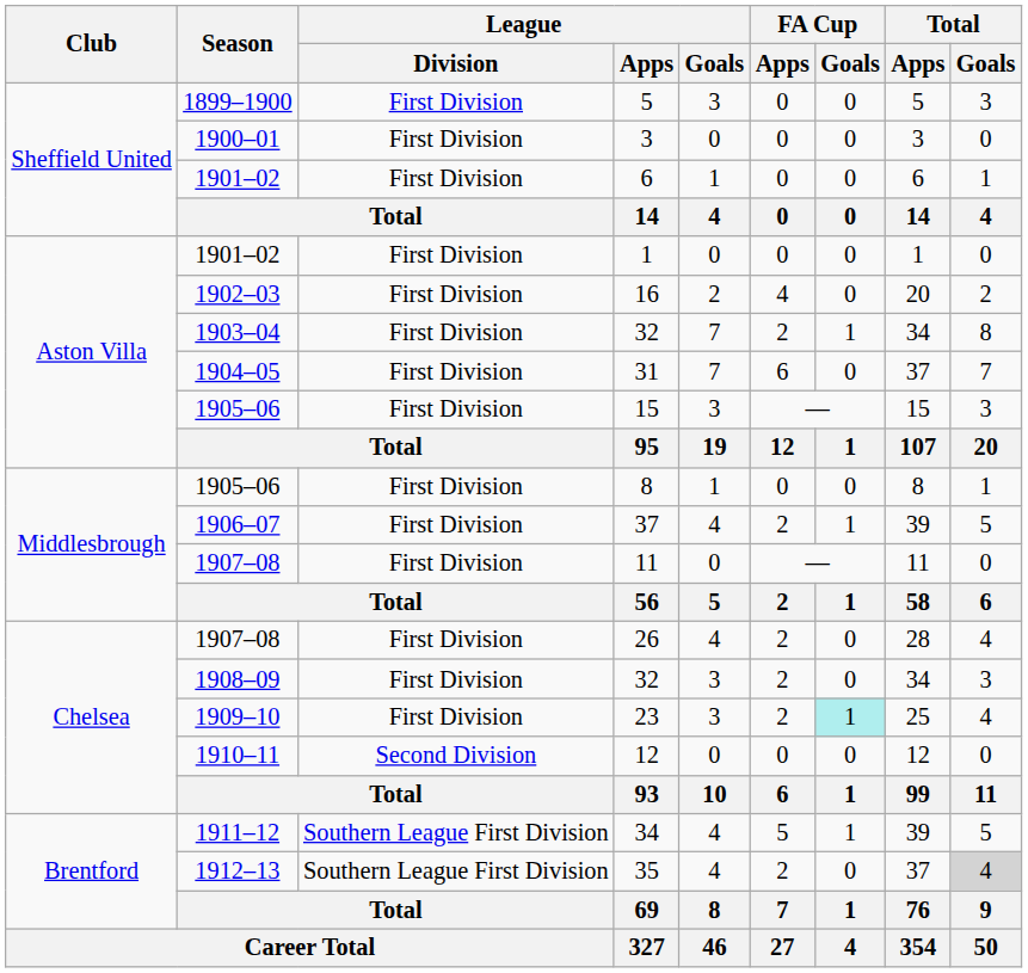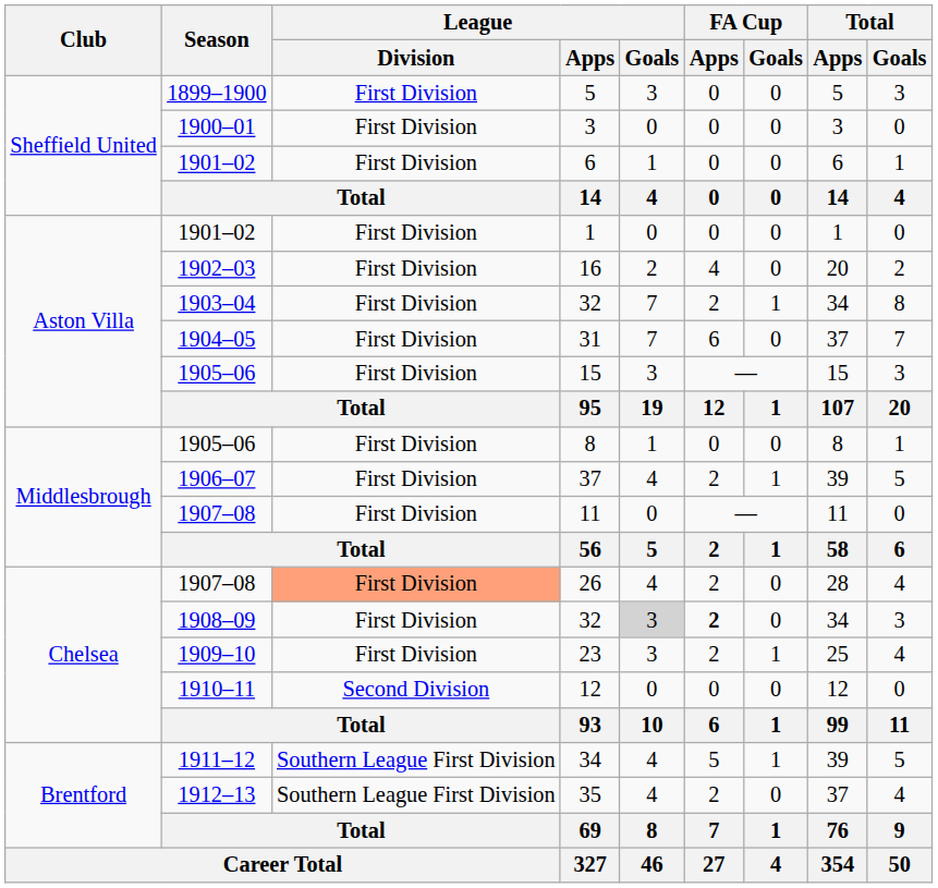 <table class="wikitable" style="text-align: center;">
 <tr>
 <th rowspan="2">Club</th>
 <th rowspan="2">Season</th>
 <th colspan="3">League</th>
 <th colspan="2">FA Cup</th>
 <th colspan="2">Total</th>
 </tr>
 <tr>
 <th>Division</th>
 <th>Apps</th>
 <th>Goals</th>
 <th>Apps</th>
 <th>Goals</th>
 <th>Apps</th>
 <th>Goals</th>
 </tr>
 <tr>
 <td rowspan="4"><a href='#'>Sheffield United</a></td>
 <td><a href='#'>1899–1900</a></td>
 <td><a href='#'>First Division</a></td>
 <td>5</td>
 <td>3</td>
 <td>0</td>
 <td>0</td>
 <td>5</td>
 <td>3</td>
 </tr>
 <tr>
 <td><a href='#'>1900–01</a></td>
 <td>First Division</td>
 <td>3</td>
 <td>0</td>
 <td>0</td>
 <td>0</td>
 <td>3</td>
 <td>0</td>
 </tr>
 <tr>
 <td><a href='#'>1901–02</a></td>
 <td>First Division</td>
 <td>6</td>
 <td>1</td>
 <td>0</td>
 <td>0</td>
 <td>6</td>
 <td>1</td>
 </tr>
 <tr>
 <th colspan="2">Total</th>
 <th>14</th>
 <th>4</th>
 <th>0</th>
 <th>0</th>
 <th>14</th>
 <th>4</th>
 </tr>
 <tr>
 <td rowspan="6"><a href='#'>Aston Villa</a></td>
 <td>1901–02</td>
 <td>First Division</td>
 <td>1</td>
 <td>0</td>
 <td>0</td>
 <td>0</td>
 <td>1</td>
 <td>0</td>
 </tr>
 <tr>
 <td><a href='#'>1902–03</a></td>
 <td>First Division</td>
 <td>16</td>
 <td>2</td>
 <td>4</td>
 <td>0</td>
 <td>20</td>
 <td>2</td>
 </tr>
 <tr>
 <td><a href='#'>1903–04</a></td>
 <td>First Division</td>
 <td>32</td>
 <td>7</td>
 <td>2</td>
 <td>1</td>
 <td>34</td>
 <td>8</td>
 </tr>
 <tr>
 <td><a href='#'>1904–05</a></td>
 <td>First Division</td>
 <td>31</td>
 <td>7</td>
 <td>6</td>
 <td>0</td>
 <td>37</td>
 <td>7</td>
 </tr>
 <tr>
 <td><a href='#'>1905–06</a></td>
 <td>First Division</td>
 <td>15</td>
 <td>3</td>
 <td colspan="2">—</td>
 <td>15</td>
 <td>3</td>
 </tr>
 <tr>
 <th colspan="2">Total</th>
 <th>95</th>
 <th>19</th>
 <th>12</th>
 <th>1</th>
 <th>107</th>
 <th>20</th>
 </tr>
 <tr>
 <td rowspan="4"><a href='#'>Middlesbrough</a></td>
 <td>1905–06</td>
 <td>First Division</td>
 <td>8</td>
 <td>1</td>
 <td>0</td>
 <td>0</td>
 <td>8</td>
 <td>1</td>
 </tr>
 <tr>
 <td><a href='#'>1906–07</a></td>
 <td>First Division</td>
 <td>37</td>
 <td>4</td>
 <td>2</td>
 <td>1</td>
 <td>39</td>
 <td>5</td>
 </tr>
 <tr>
 <td><a href='#'>1907–08</a></td>
 <td>First Division</td>
 <td>11</td>
 <td>0</td>
 <td colspan="2">—</td>
 <td>11</td>
 <td>0</td>
 </tr>
 <tr>
 <th colspan="2">Total</th>
 <th>56</th>
 <th>5</th>
 <th>2</th>
 <th>1</th>
 <th>58</th>
 <th>6</th>
 </tr>
 <tr>
 <td rowspan="5"><a href='#'>Chelsea</a></td>
 <td>1907–08</td>
-<td>First Division</td>
+<td style="background: lightsalmon;">First Division</td>
 <td>26</td>
 <td>4</td>
 <td>2</td>
 <td>0</td>
 <td>28</td>
 <td>4</td>
 </tr>
 <tr>
 <td><a href='#'>1908–09</a></td>
 <td>First Division</td>
 <td>32</td>
-<td>3</td>
-<td>2</td>
+<td style="background: lightgrey;">3</td>
+<td><strong>2</strong></td>
 <td>0</td>
 <td>34</td>
 <td>3</td>
 </tr>
 <tr>
 <td><a href='#'>1909–10</a></td>
 <td>First Division</td>
 <td>23</td>
 <td>3</td>
 <td>2</td>
-<td style="background: paleturquoise;">1</td>
+<td>1</td>
 <td>25</td>
 <td>4</td>
 </tr>
 <tr>
 <td><a href='#'>1910–11</a></td>
 <td><a href='#'>Second Division</a></td>
 <td>12</td>
 <td>0</td>
 <td>0</td>
 <td>0</td>
 <td>12</td>
 <td>0</td>
 </tr>
 <tr>
 <th colspan="2">Total</th>
 <th>93</th>
 <th>10</th>
 <th>6</th>
 <th>1</th>
 <th>99</th>
 <th>11</th>
 </tr>
 <tr>
 <td rowspan="3"><a href='#'>Brentford</a></td>
 <td><a href='#'>1911–12</a></td>
 <td><a href='#'>Southern League</a> First Division</td>
 <td>34</td>
 <td>4</td>
 <td>5</td>
 <td>1</td>
 <td>39</td>
 <td>5</td>
 </tr>
 <tr>
 <td><a href='#'>1912–13</a></td>
 <td>Southern League First Division</td>
 <td>35</td>
 <td>4</td>
 <td>2</td>
 <td>0</td>
 <td>37</td>
-<td style="background: lightgrey;">4</td>
+<td>4</td>
 </tr>
 <tr>
 <th colspan="2">Total</th>
 <th>69</th>
 <th>8</th>
 <th>7</th>
 <th>1</th>
 <th>76</th>
 <th>9</th>
 </tr>
 <tr>
 <th colspan="3">Career Total</th>
 <th>327</th>
 <th>46</th>
 <th>27</th>
 <th>4</th>
 <th>354</th>
 <th>50</th>
 </tr>
 </table>
